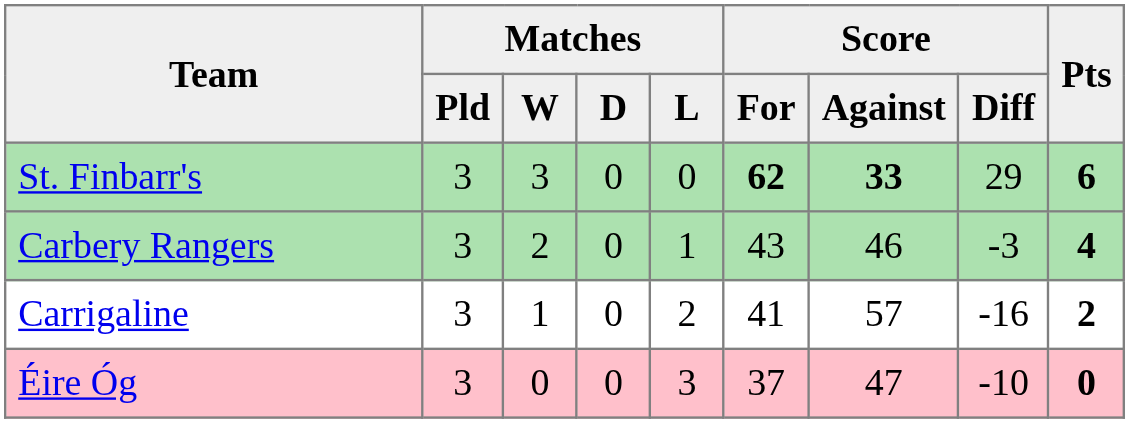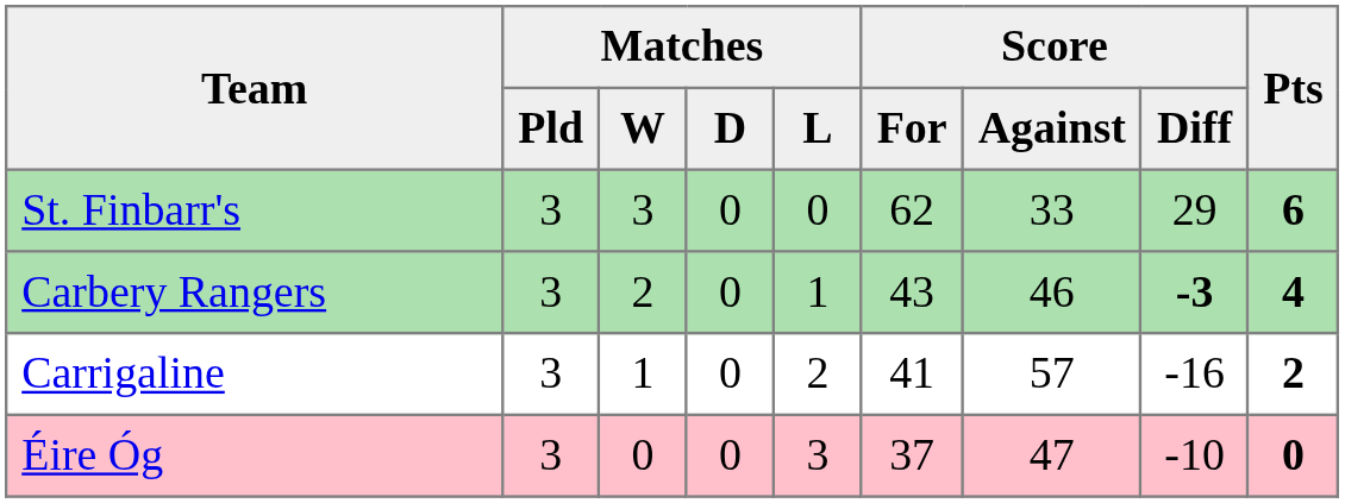 <table style=border-collapse:collapse border=1 cellspacing=0 cellpadding=5>
 <tr align=center bgcolor=#efefef>
 <th rowspan=2 width=165>Team</th>
 <th colspan=4>Matches</th>
 <th colspan=3>Score</th>
 <th rowspan=2width=20>Pts</th>
 </tr>
 <tr align=center bgcolor=#efefef>
 <th width=20>Pld</th>
 <th width=20>W</th>
 <th width=20>D</th>
 <th width=20>L</th>
 <th width=20>For</th>
 <th width=20>Against</th>
 <th width=20>Diff</th>
 </tr>
 <tr align=center style="background:#ACE1AF;">
 <td style="text-align:left;"><a href='#'>St. Finbarr's</a></td>
 <td>3</td>
 <td>3</td>
 <td>0</td>
 <td>0</td>
-<td><strong>62</strong></td>
-<td><strong>33</strong></td>
+<td>62</td>
+<td>33</td>
 <td>29</td>
 <td><strong>6</strong></td>
 </tr>
 <tr align=center style="background:#ACE1AF;">
 <td style="text-align:left;"><a href='#'>Carbery Rangers</a></td>
 <td>3</td>
 <td>2</td>
 <td>0</td>
 <td>1</td>
 <td>43</td>
 <td>46</td>
-<td>-3</td>
+<td><strong>-3</strong></td>
 <td><strong>4</strong></td>
 </tr>
 <tr align=center>
 <td style="text-align:left;"><a href='#'>Carrigaline</a></td>
 <td>3</td>
 <td>1</td>
 <td>0</td>
 <td>2</td>
 <td>41</td>
 <td>57</td>
 <td>-16</td>
 <td><strong>2</strong></td>
 </tr>
 <tr align=center style="background:#FFC0CB;">
 <td style="text-align:left;"><a href='#'>Éire Óg</a></td>
 <td>3</td>
 <td>0</td>
 <td>0</td>
 <td>3</td>
 <td>37</td>
 <td>47</td>
 <td>-10</td>
 <td><strong>0</strong></td>
 </tr>
 </table>
